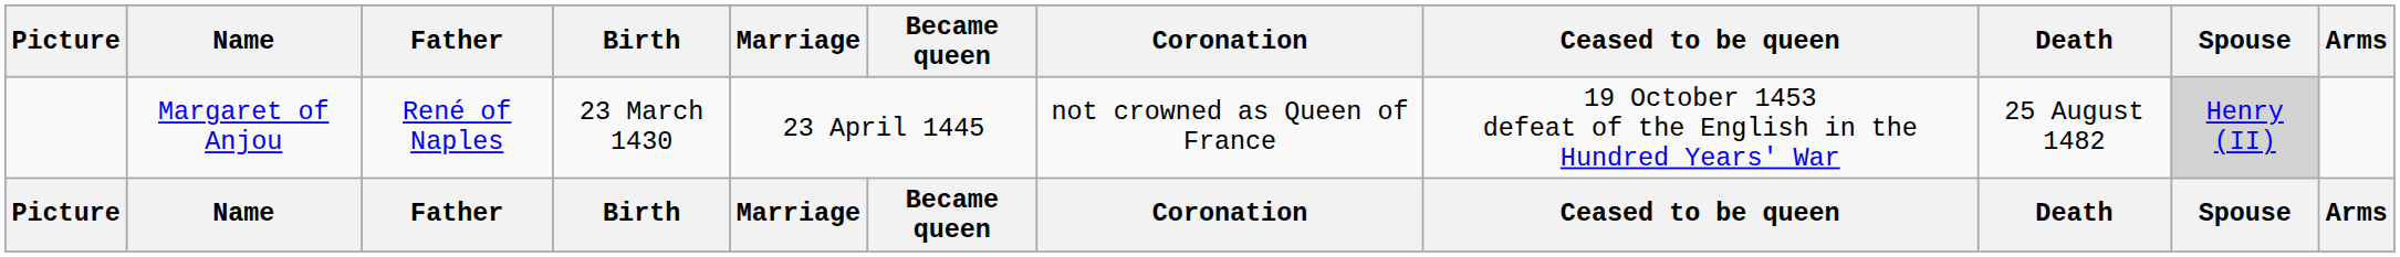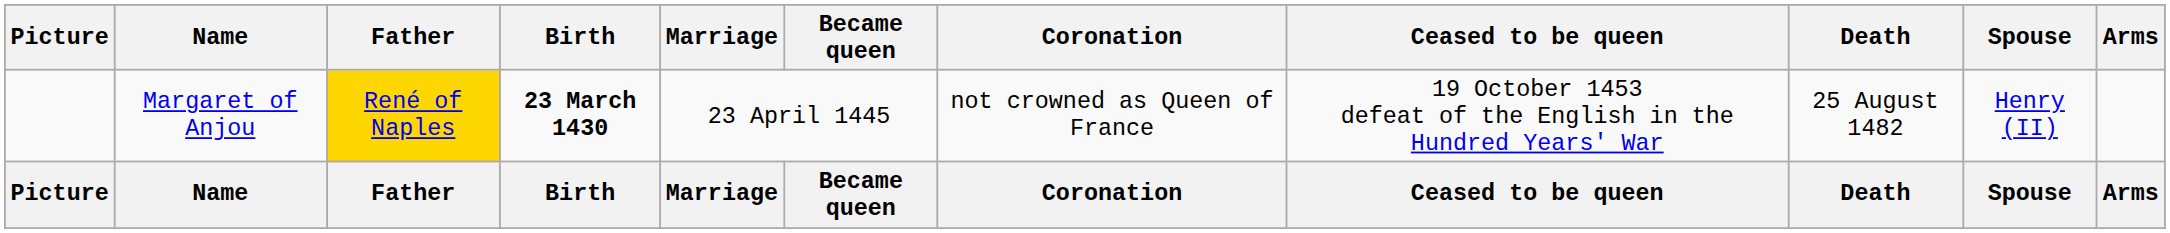 <table width=95% class="wikitable">
 <tr>
 <th>Picture</th>
 <th>Name</th>
 <th>Father</th>
 <th>Birth</th>
 <th>Marriage</th>
 <th>Became queen</th>
 <th>Coronation</th>
 <th>Ceased to be queen</th>
 <th>Death</th>
 <th>Spouse</th>
 <th>Arms</th>
 </tr>
 <tr>
 <td align=center></td>
 <td align=center><a href='#'>Margaret of Anjou</a></td>
-<td align="center"><a href='#'>René of Naples</a></td>
-<td align="center">23 March 1430</td>
+<td align="center" style="background: gold;"><a href='#'>René of Naples</a></td>
+<td align="center"><strong>23 March 1430</strong></td>
 <td align="center" colspan="2">23 April 1445</td>
 <td align="center">not crowned as Queen of France</td>
 <td align="center">19 October 1453<br>defeat of the English in the <a href='#'>Hundred Years' War</a></td>
 <td align="center">25 August 1482</td>
-<td align="center" style="background: lightgrey;"><a href='#'>Henry (II)</a></td>
+<td align="center"><a href='#'>Henry (II)</a></td>
 <td></td>
 </tr>
 <tr>
 <th>Picture</th>
 <th>Name</th>
 <th>Father</th>
 <th>Birth</th>
 <th>Marriage</th>
 <th>Became queen</th>
 <th>Coronation</th>
 <th>Ceased to be queen</th>
 <th>Death</th>
 <th>Spouse</th>
 <th>Arms</th>
 </tr>
 </table>
